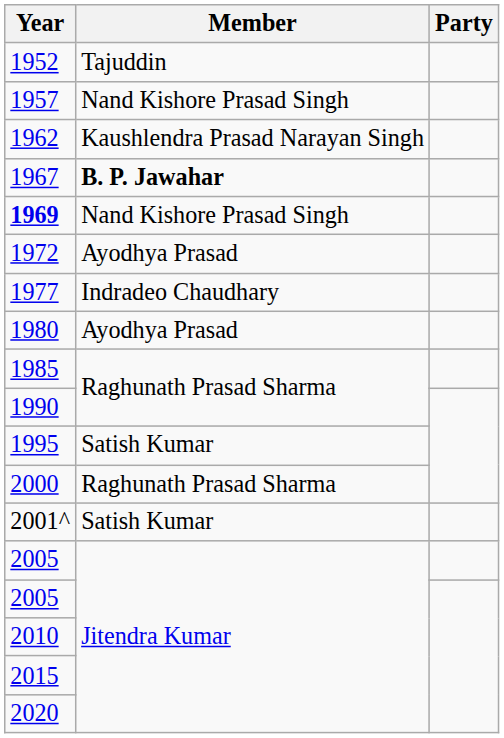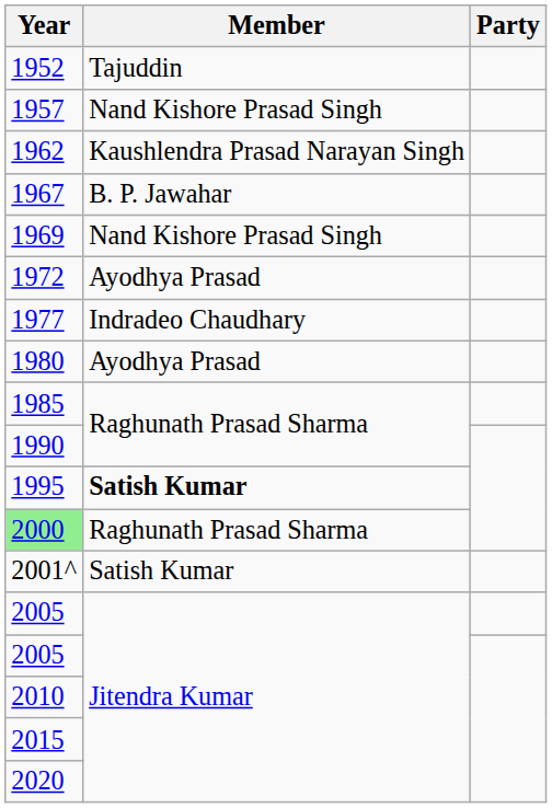 <table class="wikitable">
 <tr>
 <th>Year</th>
 <th>Member</th>
 <th colspan="2">Party</th>
 </tr>
 <tr>
 <td><a href='#'>1952</a></td>
 <td>Tajuddin</td>
 <td></td>
 </tr>
 <tr>
 <td><a href='#'>1957</a></td>
 <td>Nand Kishore Prasad Singh</td>
 <td></td>
 </tr>
 <tr>
 <td><a href='#'>1962</a></td>
 <td>Kaushlendra Prasad Narayan Singh</td>
 <td></td>
 </tr>
 <tr>
 <td><a href='#'>1967</a></td>
-<td><strong>B. P. Jawahar</strong></td>
+<td>B. P. Jawahar</td>
 <td></td>
 </tr>
 <tr>
-<td><strong><a href='#'>1969</a></strong></td>
+<td><a href='#'>1969</a></td>
 <td>Nand Kishore Prasad Singh</td>
 <td></td>
 </tr>
 <tr>
 <td><a href='#'>1972</a></td>
 <td>Ayodhya Prasad</td>
 <td></td>
 </tr>
 <tr>
 <td><a href='#'>1977</a></td>
 <td>Indradeo Chaudhary</td>
 <td></td>
 </tr>
 <tr>
 <td><a href='#'>1980</a></td>
 <td>Ayodhya Prasad</td>
 <td></td>
 </tr>
 <tr>
 <td><a href='#'>1985</a></td>
 <td rowspan="2">Raghunath Prasad Sharma</td>
 <td></td>
 </tr>
 <tr>
 <td><a href='#'>1990</a></td>
 </tr>
 <tr>
 <td><a href='#'>1995</a></td>
-<td>Satish Kumar</td>
+<td><strong>Satish Kumar</strong></td>
 </tr>
 <tr>
-<td><a href='#'>2000</a></td>
+<td style="background: lightgreen;"><a href='#'>2000</a></td>
 <td>Raghunath Prasad Sharma</td>
 </tr>
 <tr>
 <td>2001^</td>
 <td>Satish Kumar</td>
 <td></td>
 </tr>
 <tr>
 <td><a href='#'>2005</a></td>
 <td rowspan="5"><a href='#'>Jitendra Kumar</a></td>
 <td></td>
 </tr>
 <tr>
 <td><a href='#'>2005</a></td>
 </tr>
 <tr>
 <td><a href='#'>2010</a></td>
 </tr>
 <tr>
 <td><a href='#'>2015</a></td>
 </tr>
 <tr>
 <td><a href='#'>2020</a></td>
 </tr>
 </table>
